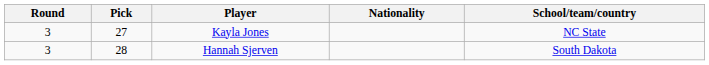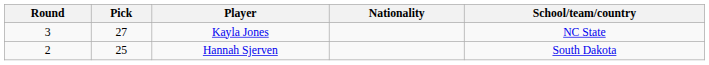 <table class="wikitable" style="text-align:center; width:60em">
 <tr>
 <th>Round</th>
 <th>Pick</th>
 <th>Player</th>
 <th>Nationality</th>
 <th>School/team/country</th>
 </tr>
 <tr>
 <td>3</td>
 <td>27</td>
 <td><a href='#'>Kayla Jones</a></td>
 <td></td>
 <td><a href='#'>NC State</a></td>
 </tr>
 <tr>
-<td>3</td>
-<td>28</td>
+<td>2</td>
+<td>25</td>
 <td><a href='#'>Hannah Sjerven</a></td>
 <td></td>
 <td><a href='#'>South Dakota</a></td>
 </tr>
 </table>
